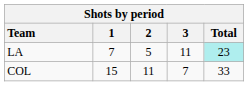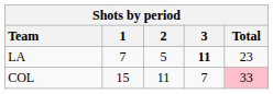 <table class="wikitable" style="width:20em; text-align:right;">
 <tr>
 <th colspan=6>Shots by period</th>
 </tr>
 <tr>
 <th style="width:8em; text-align:left;">Team</th>
 <th style="width:3em;">1</th>
 <th style="width:3em;">2</th>
 <th style="width:3em;">3</th>
 <th style="width:3em;">Total</th>
 </tr>
 <tr>
 <td style="text-align:left;">LA</td>
 <td align=center>7</td>
 <td align=center>5</td>
-<td align=center>11</td>
-<td align=center style="background: paleturquoise;">23</td>
+<td align=center><strong>11</strong></td>
+<td align=center>23</td>
 </tr>
 <tr>
 <td style="text-align:left;">COL</td>
 <td align=center>15</td>
 <td align=center>11</td>
 <td align=center>7</td>
-<td align=center>33</td>
+<td align=center style="background: pink;">33</td>
 </tr>
 </table>
